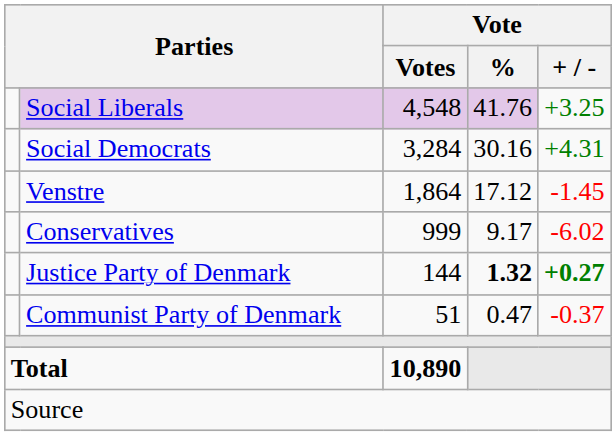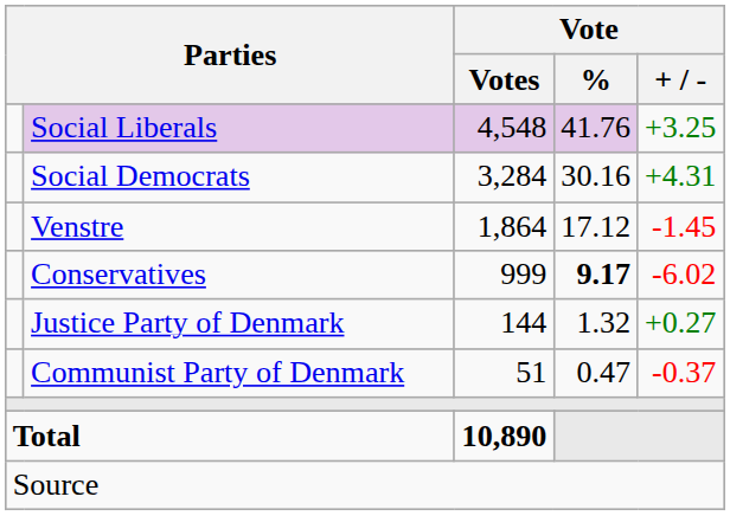 <table class="wikitable" style="text-align:right;">
 <tr>
 <th style="text-align:centre;" rowspan="2" colspan="2" width="225">Parties</th>
 <th colspan="3">Vote</th>
 </tr>
 <tr>
 <th width="15">Votes</th>
 <th width="15">%</th>
 <th width="15">+ / -</th>
 </tr>
 <tr>
 <td width="2" style="color:inherit;background:"></td>
 <td bgcolor=#e3c8e9  align="left"><a href='#'>Social Liberals</a></td>
 <td bgcolor=#e3c8e9>4,548</td>
 <td bgcolor=#e3c8e9>41.76</td>
 <td style=color:green;>+3.25</td>
 </tr>
 <tr>
 <td width="2" style="color:inherit;background:"></td>
 <td align="left"><a href='#'>Social Democrats</a></td>
 <td>3,284</td>
 <td>30.16</td>
 <td style=color:green;>+4.31</td>
 </tr>
 <tr>
 <td width="2" style="color:inherit;background:"></td>
 <td align="left"><a href='#'>Venstre</a></td>
 <td>1,864</td>
 <td>17.12</td>
 <td style=color:red;>-1.45</td>
 </tr>
 <tr>
 <td width="2" style="color:inherit;background:"></td>
 <td align="left"><a href='#'>Conservatives</a></td>
 <td>999</td>
-<td>9.17</td>
+<td><strong>9.17</strong></td>
 <td style=color:red;>-6.02</td>
 </tr>
 <tr>
 <td width="2" style="color:inherit;background:"></td>
 <td align="left"><a href='#'>Justice Party of Denmark</a></td>
 <td>144</td>
-<td><strong>1.32</strong></td>
-<td style=color:green;><strong>+0.27</strong></td>
+<td>1.32</td>
+<td style=color:green;>+0.27</td>
 </tr>
 <tr>
 <td width="2" style="color:inherit;background:"></td>
 <td align="left"><a href='#'>Communist Party of Denmark</a></td>
 <td>51</td>
 <td>0.47</td>
 <td style=color:red;>-0.37</td>
 </tr>
 <tr>
 <td colspan="7" bgcolor="#E9E9E9"></td>
 </tr>
 <tr>
 <td align="left" colspan="2"><strong>Total</strong></td>
 <td><strong>10,890</strong></td>
 <td bgcolor="#E9E9E9" colspan="2"></td>
 </tr>
 <tr>
 <td align="left" colspan="6">Source</td>
 </tr>
 </table>
